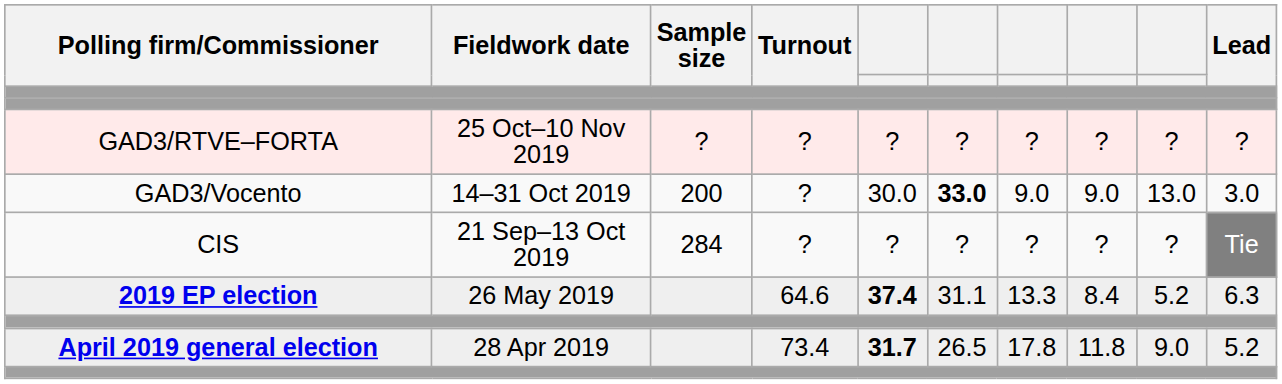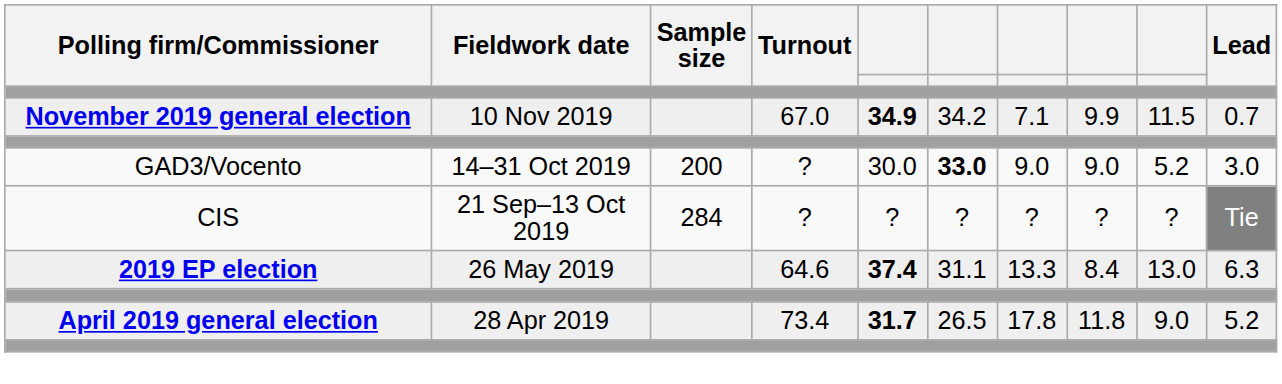 <table class="wikitable collapsible collapsed" style="text-align:center; font-size:95%; line-height:16px;">
 <tr style="height:42px;">
 <th style="width:250px;" rowspan="2">Polling firm/Commissioner</th>
 <th style="width:125px;" rowspan="2">Fieldwork date</th>
 <th style="width:50px;" rowspan="2">Sample size</th>
 <th style="width:45px;" rowspan="2">Turnout</th>
 <th style="width:35px;"></th>
 <th style="width:35px;"></th>
 <th style="width:35px;"></th>
 <th style="width:35px;"></th>
 <th style="width:35px;"></th>
 <th style="width:30px;" rowspan="2">Lead</th>
 </tr>
 <tr>
 <th style="color:inherit;background:"></th>
 <th style="color:inherit;background:"></th>
 <th style="color:inherit;background:"></th>
 <th style="color:inherit;background:"></th>
 <th style="color:inherit;background:"></th>
 </tr>
 <tr>
 <td colspan="10" style="background:#A0A0A0"></td>
 </tr>
+<tr style="background:#EFEFEF;">
+<td><strong><a href='#'>November 2019 general election</a></strong></td>
+<td>10 Nov 2019</td>
+<td></td>
+<td>67.0</td>
+<td><strong>34.9</strong><br></td>
+<td>34.2<br></td>
+<td>7.1<br></td>
+<td>9.9<br></td>
+<td>11.5<br></td>
+<td style="background:">0.7</td>
+</tr>
 <tr>
 <td colspan="10" style="background:#A0A0A0"></td>
-</tr>
-<tr style="background:#FFEAEA;">
-<td>GAD3/RTVE–FORTA</td>
-<td>25 Oct–10 Nov 2019</td>
-<td>?</td>
-<td>?</td>
-<td>?<br></td>
-<td>?<br></td>
-<td>?<br></td>
-<td>?<br></td>
-<td>?<br></td>
-<td style="background:">?</td>
 </tr>
 <tr>
 <td>GAD3/Vocento</td>
 <td>14–31 Oct 2019</td>
 <td>200</td>
 <td>?</td>
 <td>30.0<br></td>
 <td><strong>33.0</strong><br></td>
 <td>9.0<br></td>
 <td>9.0<br></td>
-<td>13.0<br></td>
+<td>5.2<br></td>
 <td style="background:">3.0</td>
 </tr>
 <tr>
 <td>CIS</td>
 <td>21 Sep–13 Oct 2019</td>
 <td>284</td>
 <td>?</td>
 <td>?<br></td>
 <td>?<br></td>
 <td>?<br></td>
 <td>?<br></td>
 <td>?<br></td>
 <td style="background:gray;color:white;">Tie</td>
 </tr>
 <tr style="background:#EFEFEF;">
 <td><strong><a href='#'>2019 EP election</a></strong></td>
 <td>26 May 2019</td>
 <td></td>
 <td>64.6</td>
 <td><strong>37.4</strong><br></td>
 <td>31.1<br></td>
 <td>13.3<br></td>
 <td>8.4<br></td>
-<td>5.2<br></td>
+<td>13.0<br></td>
 <td style="background:">6.3</td>
 </tr>
 <tr>
 <td colspan="10" style="background:#A0A0A0"></td>
 </tr>
 <tr style="background:#EFEFEF;">
 <td><strong><a href='#'>April 2019 general election</a></strong></td>
 <td>28 Apr 2019</td>
 <td></td>
 <td>73.4</td>
 <td><strong>31.7</strong><br></td>
 <td>26.5<br></td>
 <td>17.8<br></td>
 <td>11.8<br></td>
 <td>9.0<br></td>
 <td style="background:">5.2</td>
 </tr>
 <tr>
 <td colspan="10" style="background:#A0A0A0"></td>
 </tr>
 </table>
